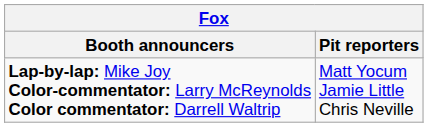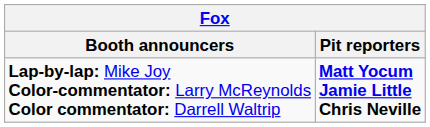 <table class="wikitable" style="font-size: 95%;">
 <tr>
 <th colspan="2"><a href='#'>Fox</a></th>
 </tr>
 <tr>
 <th>Booth announcers</th>
 <th>Pit reporters</th>
 </tr>
 <tr>
 <td><strong>Lap-by-lap:</strong> <a href='#'>Mike Joy</a><br><strong>Color-commentator:</strong> <a href='#'>Larry McReynolds</a><br><strong>Color commentator:</strong> <a href='#'>Darrell Waltrip</a></td>
-<td><a href='#'>Matt Yocum</a><br><a href='#'>Jamie Little</a><br>Chris Neville</td>
+<td><strong><a href='#'>Matt Yocum</a><br><a href='#'>Jamie Little</a><br>Chris Neville</strong></td>
 </tr>
 </table>
